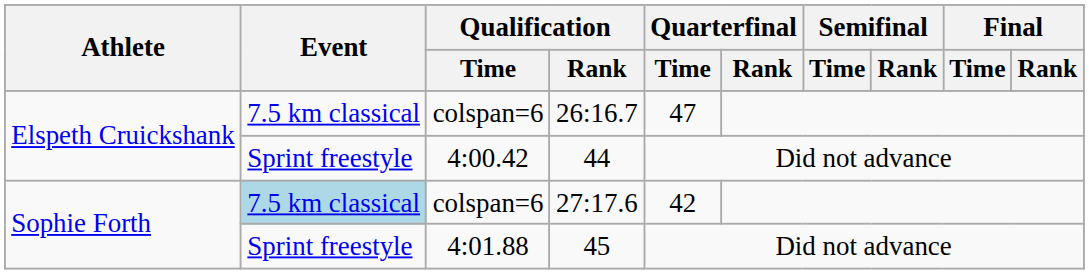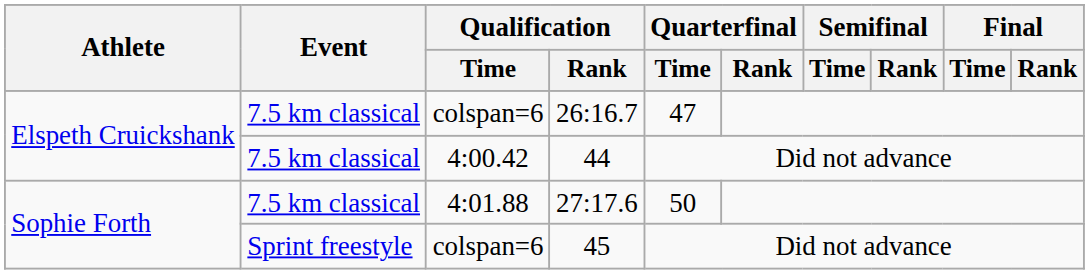 <table class="wikitable" style="font-size:90%">
 <tr>
 <th rowspan="2">Athlete</th>
 <th rowspan="2">Event</th>
 <th colspan="2">Qualification</th>
 <th colspan="2">Quarterfinal</th>
 <th colspan="2">Semifinal</th>
 <th colspan="2">Final</th>
 </tr>
 <tr style="font-size:95%">
 <th>Time</th>
 <th>Rank</th>
 <th>Time</th>
 <th>Rank</th>
 <th>Time</th>
 <th>Rank</th>
 <th>Time</th>
 <th>Rank</th>
 </tr>
 <tr align=center>
 <td align=left rowspan=2><a href='#'>Elspeth Cruickshank</a></td>
 <td align=left><a href='#'>7.5 km classical</a></td>
 <td>colspan=6</td>
 <td>26:16.7</td>
 <td>47</td>
 </tr>
 <tr align=center>
-<td align=left><a href='#'>Sprint freestyle</a></td>
+<td align=left><a href='#'>7.5 km classical</a></td>
 <td>4:00.42</td>
 <td>44</td>
 <td colspan=6>Did not advance</td>
 </tr>
 <tr align=center>
 <td align=left rowspan=2><a href='#'>Sophie Forth</a></td>
-<td align=left style="background: lightblue;"><a href='#'>7.5 km classical</a></td>
-<td>colspan=6</td>
+<td align=left><a href='#'>7.5 km classical</a></td>
+<td>4:01.88</td>
 <td>27:17.6</td>
-<td>42</td>
+<td>50</td>
 </tr>
 <tr align=center>
 <td align=left><a href='#'>Sprint freestyle</a></td>
-<td>4:01.88</td>
+<td>colspan=6</td>
 <td>45</td>
 <td colspan=6>Did not advance</td>
 </tr>
 </table>
